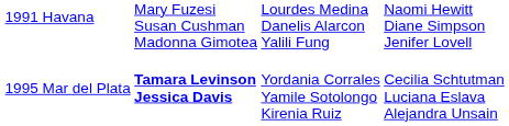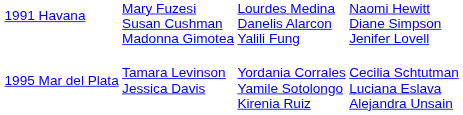 <table>
 <tr>
 <td><a href='#'>1991 Havana</a></td>
 <td><br><a href='#'>Mary Fuzesi</a><br><a href='#'>Susan Cushman</a><br><a href='#'>Madonna Gimotea</a></td>
 <td><br><a href='#'>Lourdes Medina</a><br><a href='#'>Danelis Alarcon</a><br><a href='#'>Yalili Fung</a></td>
 <td><br><a href='#'>Naomi Hewitt</a><br><a href='#'>Diane Simpson</a><br><a href='#'>Jenifer Lovell</a></td>
 </tr>
 <tr>
 <td><a href='#'>1995 Mar del Plata</a></td>
-<td valign=top><strong><br><a href='#'>Tamara Levinson</a><br><a href='#'>Jessica Davis</a></strong></td>
+<td valign=top><br><a href='#'>Tamara Levinson</a><br><a href='#'>Jessica Davis</a></td>
 <td><br><a href='#'>Yordania Corrales</a><br><a href='#'>Yamile Sotolongo</a><br><a href='#'>Kirenia Ruiz</a></td>
 <td><br><a href='#'>Cecilia Schtutman</a><br><a href='#'>Luciana Eslava</a><br><a href='#'>Alejandra Unsain</a></td>
 </tr>
 </table>
